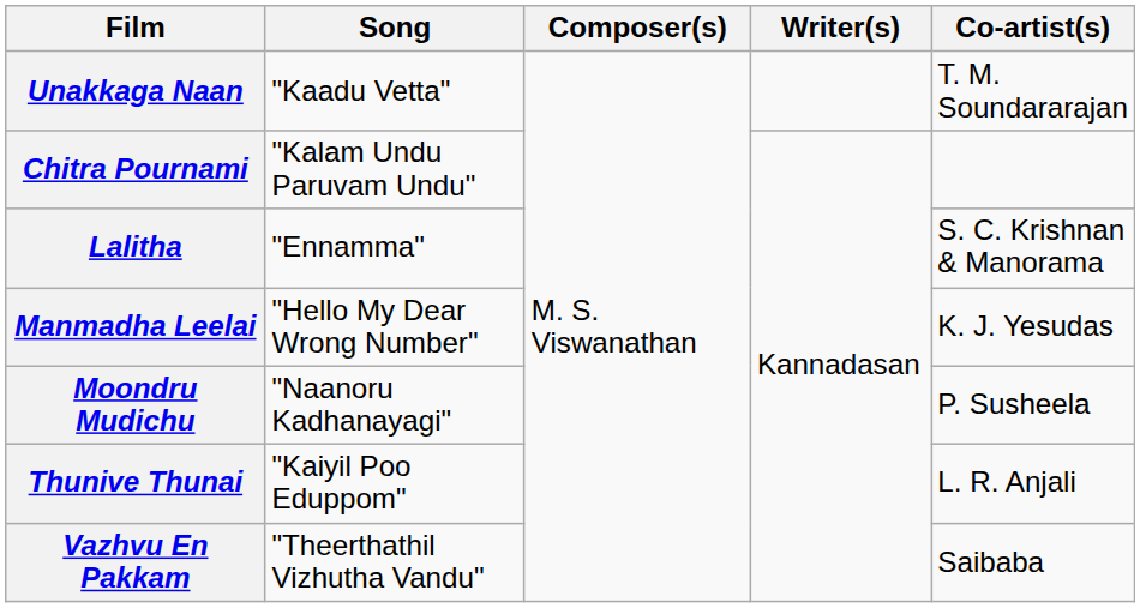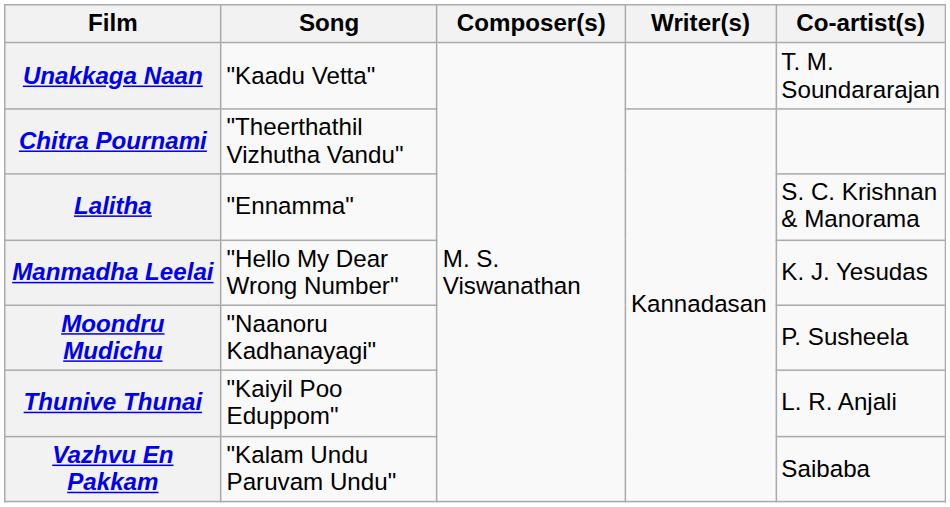 <table class="wikitable plainrowheaders" width="100%" textcolor:#000;">
 <tr style="background:#b0e0e66;">
 <th scope="col" width=23%><strong>Film</strong></th>
 <th scope="col" width=23%><strong>Song</strong></th>
 <th scope="col" width=20%><strong>Composer(s)</strong></th>
 <th scope="col" width=16%><strong>Writer(s)</strong></th>
 <th scope="col" width=18%><strong>Co-artist(s)</strong></th>
 </tr>
 <tr>
 <th><em><a href='#'>Unakkaga Naan</a></em></th>
 <td>"Kaadu Vetta"</td>
 <td rowspan=7>M. S. Viswanathan</td>
 <td></td>
 <td>T. M. Soundararajan</td>
 </tr>
 <tr>
 <th><em><a href='#'>Chitra Pournami</a></em></th>
-<td>"Kalam Undu Paruvam Undu"</td>
+<td>"Theerthathil Vizhutha Vandu"</td>
 <td rowspan=6>Kannadasan</td>
 <td></td>
 </tr>
 <tr>
 <th><em><a href='#'>Lalitha</a></em></th>
 <td>"Ennamma"</td>
 <td>S. C. Krishnan & Manorama</td>
 </tr>
 <tr>
 <th><em><a href='#'>Manmadha Leelai</a></em></th>
 <td>"Hello My Dear Wrong Number"</td>
 <td>K. J. Yesudas</td>
 </tr>
 <tr>
 <th><em><a href='#'>Moondru Mudichu</a></em></th>
 <td>"Naanoru Kadhanayagi"</td>
 <td>P. Susheela</td>
 </tr>
 <tr>
 <th><em><a href='#'>Thunive Thunai</a></em></th>
 <td>"Kaiyil Poo Eduppom"</td>
 <td>L. R. Anjali</td>
 </tr>
 <tr>
 <th><em><a href='#'>Vazhvu En Pakkam</a></em></th>
-<td>"Theerthathil Vizhutha Vandu"</td>
+<td>"Kalam Undu Paruvam Undu"</td>
 <td>Saibaba</td>
 </tr>
 </table>
